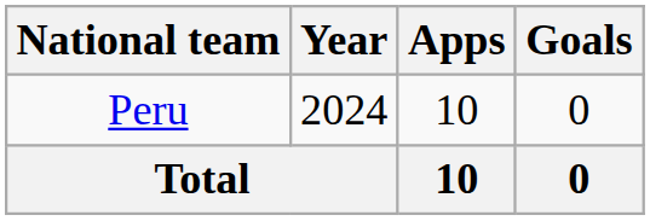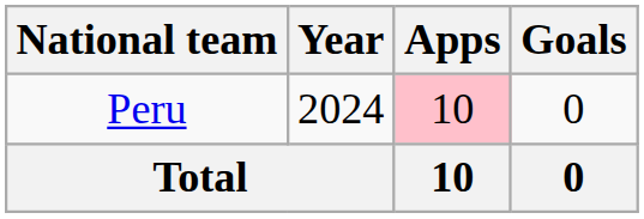 <table class="wikitable" style="text-align:center">
 <tr>
 <th>National team</th>
 <th>Year</th>
 <th>Apps</th>
 <th>Goals</th>
 </tr>
 <tr>
 <td rowspan="1"><a href='#'>Peru</a></td>
 <td>2024</td>
-<td>10</td>
+<td style="background: pink;">10</td>
 <td>0</td>
 </tr>
 <tr>
 <th colspan="2">Total</th>
 <th>10</th>
 <th>0</th>
 </tr>
 </table>
